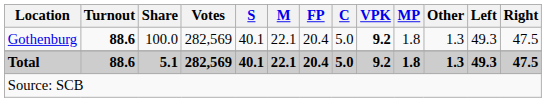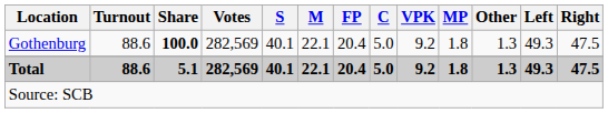 <table class="wikitable sortable" style=text-align:right>
 <tr>
 <th>Location</th>
 <th>Turnout</th>
 <th>Share</th>
 <th>Votes</th>
 <th><a href='#'>S</a></th>
 <th><a href='#'>M</a></th>
 <th><a href='#'>FP</a></th>
 <th><a href='#'>C</a></th>
 <th><a href='#'>VPK</a></th>
 <th><a href='#'>MP</a></th>
 <th>Other</th>
 <th>Left</th>
 <th>Right</th>
 </tr>
 <tr>
 <td align=left><a href='#'>Gothenburg</a></td>
-<td><strong>88.6</strong></td>
-<td>100.0</td>
+<td>88.6</td>
+<td><strong>100.0</strong></td>
 <td>282,569</td>
 <td>40.1</td>
 <td>22.1</td>
 <td>20.4</td>
 <td>5.0</td>
-<td><strong>9.2</strong></td>
+<td>9.2</td>
 <td>1.8</td>
 <td>1.3</td>
 <td>49.3</td>
 <td>47.5</td>
 </tr>
 <tr>
 </tr>
 <tr style="background:#CDCDCD;">
 <td align=left><strong>Total</strong></td>
 <td><strong>88.6</strong></td>
 <td><strong>5.1</strong></td>
 <td><strong>282,569</strong></td>
 <td><strong>40.1</strong></td>
 <td><strong>22.1</strong></td>
 <td><strong>20.4</strong></td>
 <td><strong>5.0</strong></td>
 <td><strong>9.2</strong></td>
 <td><strong>1.8</strong></td>
 <td><strong>1.3</strong></td>
 <td><strong>49.3</strong></td>
 <td><strong>47.5</strong></td>
 </tr>
 <tr>
 <td align=left colspan=13>Source: SCB </td>
 </tr>
 </table>
